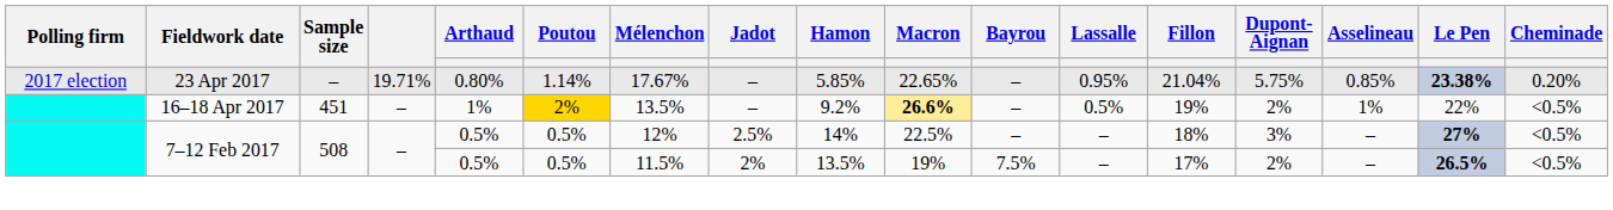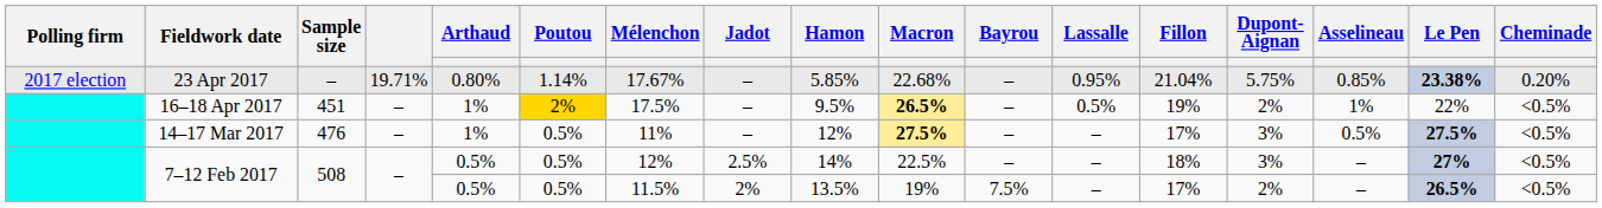 <table class="wikitable sortable" style="text-align:center;font-size:90%;line-height:14px;">
 <tr style="height:40px;">
 <th style="width:100px;" rowspan="2">Polling firm</th>
 <th style="width:110px;" rowspan="2">Fieldwork date</th>
 <th style="width:35px;" rowspan="2">Sample<br>size</th>
 <th style="width:30px;" rowspan="2"></th>
 <th class="unsortable" style="width:60px;"><a href='#'>Arthaud</a><br></th>
 <th class="unsortable" style="width:60px;"><a href='#'>Poutou</a><br></th>
 <th class="unsortable" style="width:60px;"><a href='#'>Mélenchon</a><br></th>
 <th class="unsortable" style="width:60px;"><a href='#'>Jadot</a><br></th>
 <th class="unsortable" style="width:60px;"><a href='#'>Hamon</a><br></th>
 <th class="unsortable" style="width:60px;"><a href='#'>Macron</a><br></th>
 <th class="unsortable" style="width:60px;"><a href='#'>Bayrou</a><br></th>
 <th class="unsortable" style="width:60px;"><a href='#'>Lassalle</a><br></th>
 <th class="unsortable" style="width:60px;"><a href='#'>Fillon</a><br></th>
 <th class="unsortable" style="width:60px;"><a href='#'>Dupont-Aignan</a><br></th>
 <th class="unsortable" style="width:60px;"><a href='#'>Asselineau</a><br></th>
 <th class="unsortable" style="width:60px;"><a href='#'>Le Pen</a><br></th>
 <th class="unsortable" style="width:60px;"><a href='#'>Cheminade</a><br></th>
 </tr>
 <tr>
 <th style="background:"></th>
 <th style="background:"></th>
 <th style="background:"></th>
 <th style="background:"></th>
 <th style="background:"></th>
 <th style="background:"></th>
 <th style="background:"></th>
 <th style="background:"></th>
 <th style="background:"></th>
 <th style="background:"></th>
 <th style="background:"></th>
 <th style="background:"></th>
 <th style="background:"></th>
 </tr>
 <tr style="background:#E9E9E9;">
 <td><a href='#'>2017 election</a></td>
 <td data-sort-value="2017-04-23">23 Apr 2017</td>
 <td>–</td>
 <td>19.71%</td>
 <td>0.80%</td>
 <td>1.14%</td>
 <td>17.67%</td>
 <td>–</td>
 <td>5.85%</td>
-<td>22.65%</td>
+<td>22.68%</td>
 <td>–</td>
 <td>0.95%</td>
 <td>21.04%</td>
 <td>5.75%</td>
 <td>0.85%</td>
 <td style="background:#C1CCE1;"><strong>23.38%</strong></td>
 <td>0.20%</td>
 </tr>
 <tr>
 <td style="background:#04FBF4;"></td>
 <td data-sort-value="2017-04-18">16–18 Apr 2017</td>
 <td>451</td>
 <td>–</td>
 <td>1%</td>
 <td style="background: gold;">2%</td>
-<td>13.5%</td>
+<td>17.5%</td>
 <td>–</td>
-<td>9.2%</td>
-<td style="background:#FFED99;"><strong>26.6%</strong></td>
+<td>9.5%</td>
+<td style="background:#FFED99;"><strong>26.5%</strong></td>
 <td>–</td>
 <td>0.5%</td>
 <td>19%</td>
 <td>2%</td>
 <td>1%</td>
 <td>22%</td>
+<td data-sort-value="0%"><0.5%</td>
+</tr>
+<tr>
+<td style="background:#04FBF4;"></td>
+<td data-sort-value="2017-03-17">14–17 Mar 2017</td>
+<td>476</td>
+<td>–</td>
+<td>1%</td>
+<td>0.5%</td>
+<td>11%</td>
+<td>–</td>
+<td>12%</td>
+<td style="background:#FFED99;"><strong>27.5%</strong></td>
+<td>–</td>
+<td>–</td>
+<td>17%</td>
+<td>3%</td>
+<td>0.5%</td>
+<td style="background:#C1CCE1;"><strong>27.5%</strong></td>
 <td data-sort-value="0%"><0.5%</td>
 </tr>
 <tr>
 <td rowspan="2" style="background:#04FBF4;"></td>
 <td rowspan="2" data-sort-value="2017-02-12">7–12 Feb 2017</td>
 <td rowspan="2">508</td>
 <td rowspan="2">–</td>
 <td>0.5%</td>
 <td>0.5%</td>
 <td>12%</td>
 <td>2.5%</td>
 <td>14%</td>
 <td>22.5%</td>
 <td>–</td>
 <td>–</td>
 <td>18%</td>
 <td>3%</td>
 <td>–</td>
 <td style="background:#C1CCE1;"><strong>27%</strong></td>
 <td data-sort-value="0%"><0.5%</td>
 </tr>
 <tr>
 <td>0.5%</td>
 <td>0.5%</td>
 <td>11.5%</td>
 <td>2%</td>
 <td>13.5%</td>
 <td>19%</td>
 <td>7.5%</td>
 <td>–</td>
 <td>17%</td>
 <td>2%</td>
 <td>–</td>
 <td style="background:#C1CCE1;"><strong>26.5%</strong></td>
 <td data-sort-value="0%"><0.5%</td>
 </tr>
 </table>
